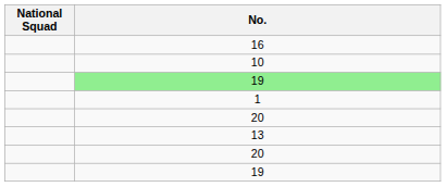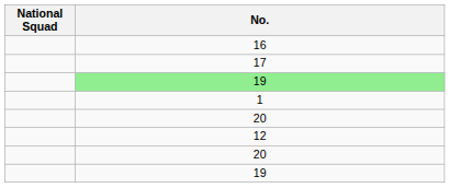 <table class="wikitable sortable">
 <tr>
 <th width=16%>National Squad</th>
 <th>No.</th>
 </tr>
 <tr>
 <td></td>
 <td align="center">16</td>
 </tr>
 <tr>
 <td></td>
-<td align="center">10</td>
+<td align="center">17</td>
 </tr>
 <tr>
 <td></td>
 <td align="center" style="background: lightgreen;">19</td>
 </tr>
 <tr>
 <td></td>
 <td align="center">1</td>
 </tr>
 <tr>
 <td></td>
 <td align="center">20</td>
 </tr>
 <tr>
 <td></td>
-<td align="center">13</td>
+<td align="center">12</td>
 </tr>
 <tr>
 <td></td>
 <td align="center">20</td>
 </tr>
 <tr>
 <td></td>
 <td align="center">19</td>
 </tr>
 </table>
